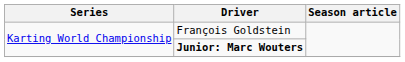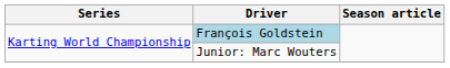 <table class="wikitable" style="font-size: 87%;">
 <tr>
 <th>Series</th>
 <th>Driver</th>
 <th>Season article</th>
 </tr>
 <tr>
 <td rowspan=2><a href='#'>Karting World Championship</a></td>
-<td> François Goldstein</td>
+<td style="background: lightblue;"> François Goldstein</td>
 <td rowspan=2></td>
 </tr>
 <tr>
-<td><strong>Junior:  Marc Wouters</strong></td>
+<td>Junior:  Marc Wouters</td>
 </tr>
 <tr>
 </tr>
 </table>
